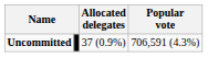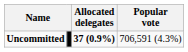 <table class="wikitable sortable" style="text-align:center;">
 <tr>
 <th scope="col" colspan=2>Name</th>
 <th scope="col">Allocated<br>delegates</th>
 <th scope="col">Popular<br>vote</th>
 </tr>
 <tr>
 <td><strong>Uncommitted</strong></td>
 <td style="background:#000000"></td>
-<td>37 (0.9%)</td>
+<td><strong>37 (0.9%)</strong></td>
 <td>706,591 (4.3%)</td>
 </tr>
 </table>
